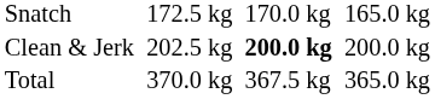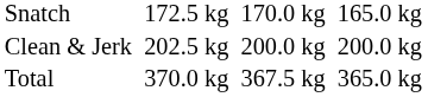 <table>
 <tr>
 <td>Snatch</td>
 <td></td>
 <td>172.5 kg</td>
 <td></td>
 <td>170.0 kg</td>
 <td></td>
 <td>165.0 kg</td>
 </tr>
 <tr>
 <td>Clean & Jerk</td>
 <td></td>
 <td>202.5 kg</td>
 <td></td>
-<td><strong>200.0 kg</strong></td>
+<td>200.0 kg</td>
 <td></td>
 <td>200.0 kg</td>
 </tr>
 <tr>
 <td>Total</td>
 <td></td>
 <td>370.0 kg</td>
 <td></td>
 <td>367.5 kg</td>
 <td></td>
 <td>365.0 kg</td>
 </tr>
 </table>
